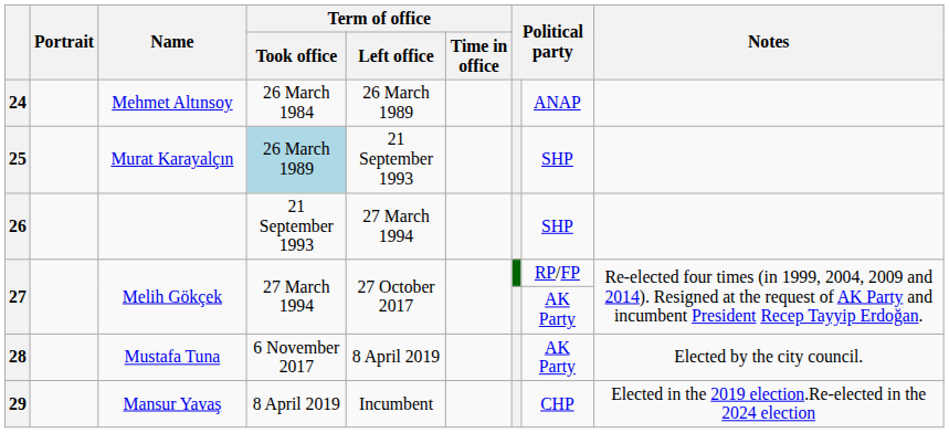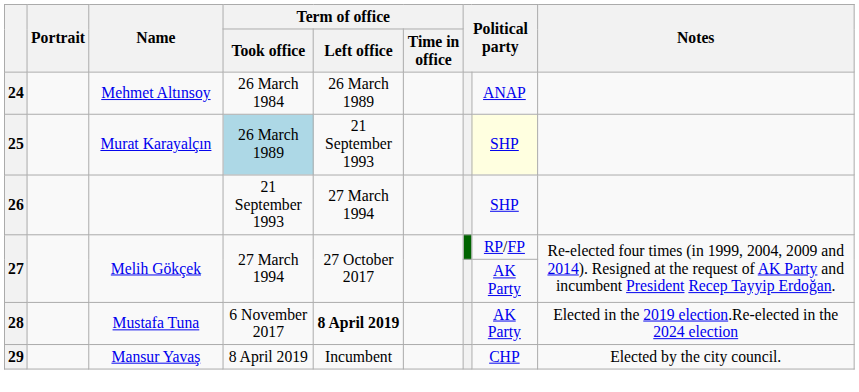 <table class="wikitable" style="text-align:center">
 <tr>
 <th rowspan=2></th>
 <th rowspan=2>Portrait</th>
 <th width=130 rowspan=2>Name<br></th>
 <th colspan=3>Term of office</th>
 <th colspan=2 rowspan=2>Political party</th>
 <th rowspan=2>Notes</th>
 </tr>
 <tr>
 <th>Took office</th>
 <th>Left office</th>
 <th>Time in office</th>
 </tr>
 <tr>
 <th>24</th>
 <td></td>
 <td><a href='#'>Mehmet Altınsoy</a><br></td>
 <td>26 March 1984</td>
 <td>26 March 1989</td>
 <td></td>
 <th style="background:"></th>
 <td><a href='#'>ANAP</a></td>
 <td></td>
 </tr>
 <tr>
 <th>25</th>
 <td></td>
 <td><a href='#'>Murat Karayalçın</a><br></td>
 <td style="background: lightblue;">26 March 1989</td>
 <td>21 September 1993</td>
 <td></td>
 <th style="background:"></th>
-<td><a href='#'>SHP</a></td>
+<td style="background: lightyellow;"><a href='#'>SHP</a></td>
 <td></td>
 </tr>
 <tr>
 <th>26</th>
 <td></td>
 <td><br></td>
 <td>21 September 1993</td>
 <td>27 March 1994</td>
 <td></td>
 <th style="background:"></th>
 <td><a href='#'>SHP</a></td>
 <td></td>
 </tr>
 <tr>
 <th rowspan=2>27</th>
 <td rowspan=2></td>
 <td rowspan=2><a href='#'>Melih Gökçek</a><br></td>
 <td rowspan=2>27 March 1994</td>
 <td rowspan=2>27 October 2017</td>
 <td rowspan=2></td>
 <th style="background:DarkGreen"></th>
 <td><a href='#'>RP</a>/<a href='#'>FP</a><br></td>
 <td rowspan=2>Re-elected four times (in 1999, 2004, 2009 and <a href='#'>2014</a>). Resigned at the request of <a href='#'>AK Party</a> and incumbent <a href='#'>President</a> <a href='#'>Recep Tayyip Erdoğan</a>.</td>
 </tr>
 <tr>
 <th style="background:"></th>
 <td><a href='#'>AK Party</a><br></td>
 </tr>
 <tr>
 <th>28</th>
 <td></td>
 <td><a href='#'>Mustafa Tuna</a><br></td>
 <td>6 November 2017</td>
-<td>8 April 2019</td>
+<td><strong>8 April 2019</strong></td>
 <td></td>
 <th style="background:"></th>
 <td><a href='#'>AK Party</a></td>
-<td>Elected by the city council.</td>
+<td>Elected in the <a href='#'>2019 election</a>.Re-elected in the <a href='#'>2024 election</a></td>
 </tr>
 <tr>
 <th>29</th>
 <td></td>
 <td><a href='#'>Mansur Yavaş</a><br></td>
 <td>8 April 2019</td>
 <td>Incumbent</td>
 <td></td>
 <th style="background:"></th>
 <td><a href='#'>CHP</a></td>
-<td>Elected in the <a href='#'>2019 election</a>.Re-elected in the <a href='#'>2024 election</a></td>
+<td>Elected by the city council.</td>
 </tr>
 </table>
